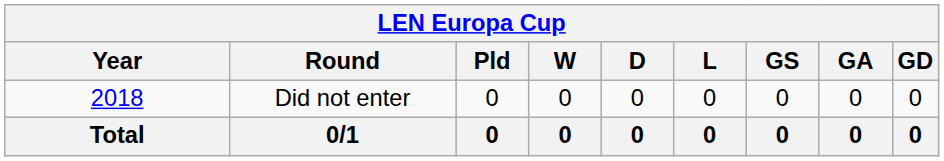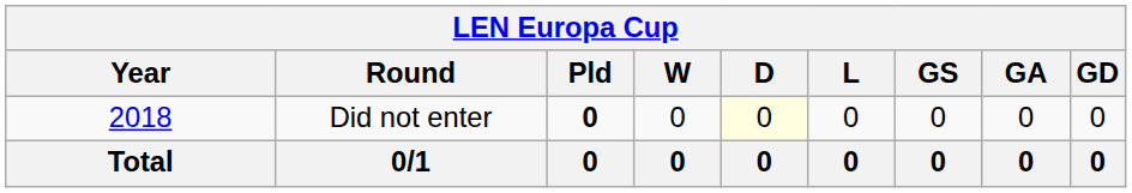 <table class="wikitable" width=50% style="text-align: center;font-size:100%;">
 <tr>
 <th colspan=10><a href='#'>LEN Europa Cup</a></th>
 </tr>
 <tr>
 <th width=25%>Year</th>
 <th width=25%>Round</th>
 <th width=8%>Pld</th>
 <th width=8%>W</th>
 <th width=8%>D</th>
 <th width=8%>L</th>
 <th width=8%>GS</th>
 <th width=8%>GA</th>
 <th width=10%>GD</th>
 </tr>
 <tr>
 <td><a href='#'>2018</a></td>
 <td>Did not enter</td>
+<td><strong>0</strong></td>
 <td>0</td>
-<td>0</td>
-<td>0</td>
+<td style="background: lightyellow;">0</td>
 <td>0</td>
 <td>0</td>
 <td>0</td>
 <td>0</td>
 </tr>
 <tr>
 <th>Total</th>
 <th>0/1</th>
 <th>0</th>
 <th>0</th>
 <th>0</th>
 <th>0</th>
 <th>0</th>
 <th>0</th>
 <th>0</th>
 </tr>
 </table>
